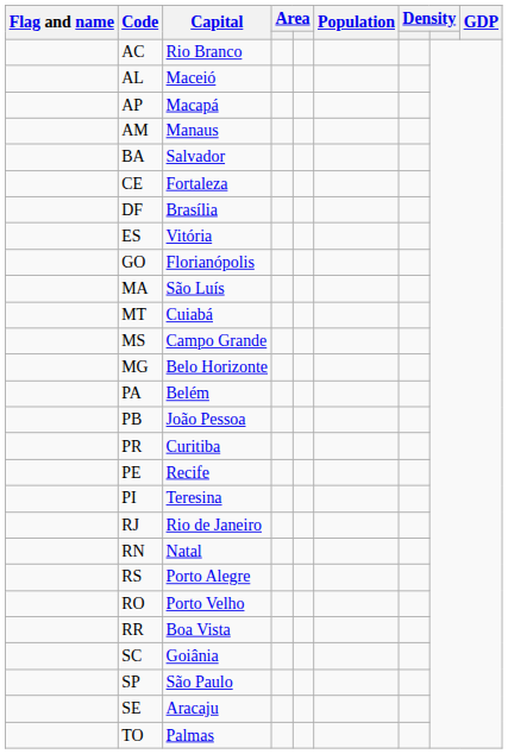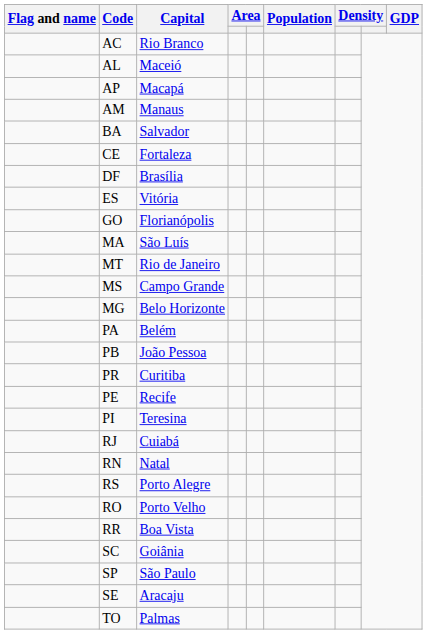 <table class=" wikitable sortable">
 <tr>
 <th rowspan=2><a href='#'>Flag</a> and <a href='#'>name</a></th>
 <th rowspan=2><a href='#'>Code</a></th>
 <th rowspan=2><a href='#'>Capital</a></th>
 <th colspan=2><a href='#'>Area</a></th>
 <th rowspan=2><a href='#'>Population</a><br></th>
 <th colspan=2><a href='#'>Density</a> </th>
 <th rowspan=2><a href='#'>GDP</a> </th>
 </tr>
 <tr>
 <th></th>
 <th></th>
 <th></th>
 <th></th>
 </tr>
 <tr>
 <td></td>
 <td>AC</td>
 <td><a href='#'>Rio Branco</a></td>
 <td></td>
 <td></td>
 <td></td>
 <td></td>
 </tr>
 <tr>
 <td></td>
 <td>AL</td>
 <td><a href='#'>Maceió</a></td>
 <td></td>
 <td></td>
 <td></td>
 <td></td>
 </tr>
 <tr>
 <td></td>
 <td>AP</td>
 <td><a href='#'>Macapá</a></td>
 <td></td>
 <td></td>
 <td></td>
 <td></td>
 </tr>
 <tr>
 <td></td>
 <td>AM</td>
 <td><a href='#'>Manaus</a></td>
 <td></td>
 <td></td>
 <td></td>
 <td></td>
 </tr>
 <tr>
 <td></td>
 <td>BA</td>
 <td><a href='#'>Salvador</a></td>
 <td></td>
 <td></td>
 <td></td>
 <td></td>
 </tr>
 <tr>
 <td></td>
 <td>CE</td>
 <td><a href='#'>Fortaleza</a></td>
 <td></td>
 <td></td>
 <td></td>
 <td></td>
 </tr>
 <tr>
 <td></td>
 <td>DF</td>
 <td><a href='#'>Brasília</a></td>
 <td></td>
 <td></td>
 <td></td>
 <td></td>
 </tr>
 <tr>
 <td></td>
 <td>ES</td>
 <td><a href='#'>Vitória</a></td>
 <td></td>
 <td></td>
 <td></td>
 <td></td>
 </tr>
 <tr>
 <td></td>
 <td>GO</td>
 <td><a href='#'>Florianópolis</a></td>
 <td></td>
 <td></td>
 <td></td>
 <td></td>
 </tr>
 <tr>
 <td></td>
 <td>MA</td>
 <td><a href='#'>São Luís</a></td>
 <td></td>
 <td></td>
 <td></td>
 <td></td>
 </tr>
 <tr>
 <td></td>
 <td>MT</td>
-<td><a href='#'>Cuiabá</a></td>
+<td><a href='#'>Rio de Janeiro</a></td>
 <td></td>
 <td></td>
 <td></td>
 <td></td>
 </tr>
 <tr>
 <td></td>
 <td>MS</td>
 <td><a href='#'>Campo Grande</a></td>
 <td></td>
 <td></td>
 <td></td>
 <td></td>
 </tr>
 <tr>
 <td></td>
 <td>MG</td>
 <td><a href='#'>Belo Horizonte</a></td>
 <td></td>
 <td></td>
 <td></td>
 <td></td>
 </tr>
 <tr>
 <td></td>
 <td>PA</td>
 <td><a href='#'>Belém</a></td>
 <td></td>
 <td></td>
 <td></td>
 <td></td>
 </tr>
 <tr>
 <td></td>
 <td>PB</td>
 <td><a href='#'>João Pessoa</a></td>
 <td></td>
 <td></td>
 <td></td>
 <td></td>
 </tr>
 <tr>
 <td></td>
 <td>PR</td>
 <td><a href='#'>Curitiba</a></td>
 <td></td>
 <td></td>
 <td></td>
 <td></td>
 </tr>
 <tr>
 <td></td>
 <td>PE</td>
 <td><a href='#'>Recife</a></td>
 <td></td>
 <td></td>
 <td></td>
 <td></td>
 </tr>
 <tr>
 <td></td>
 <td>PI</td>
 <td><a href='#'>Teresina</a></td>
 <td></td>
 <td></td>
 <td></td>
 <td></td>
 </tr>
 <tr>
 <td></td>
 <td>RJ</td>
-<td><a href='#'>Rio de Janeiro</a></td>
+<td><a href='#'>Cuiabá</a></td>
 <td></td>
 <td></td>
 <td></td>
 <td></td>
 </tr>
 <tr>
 <td></td>
 <td>RN</td>
 <td><a href='#'>Natal</a></td>
 <td></td>
 <td></td>
 <td></td>
 <td></td>
 </tr>
 <tr>
 <td></td>
 <td>RS</td>
 <td><a href='#'>Porto Alegre</a></td>
 <td></td>
 <td></td>
 <td></td>
 <td></td>
 </tr>
 <tr>
 <td></td>
 <td>RO</td>
 <td><a href='#'>Porto Velho</a></td>
 <td></td>
 <td></td>
 <td></td>
 <td></td>
 </tr>
 <tr>
 <td></td>
 <td>RR</td>
 <td><a href='#'>Boa Vista</a></td>
 <td></td>
 <td></td>
 <td></td>
 <td></td>
 </tr>
 <tr>
 <td></td>
 <td>SC</td>
 <td><a href='#'>Goiânia</a></td>
 <td></td>
 <td></td>
 <td></td>
 <td></td>
 </tr>
 <tr>
 <td></td>
 <td>SP</td>
 <td><a href='#'>São Paulo</a></td>
 <td></td>
 <td></td>
 <td></td>
 <td></td>
 </tr>
 <tr>
 <td></td>
 <td>SE</td>
 <td><a href='#'>Aracaju</a></td>
 <td></td>
 <td></td>
 <td></td>
 <td></td>
 </tr>
 <tr>
 <td></td>
 <td>TO</td>
 <td><a href='#'>Palmas</a></td>
 <td></td>
 <td></td>
 <td></td>
 <td></td>
 </tr>
 </table>
